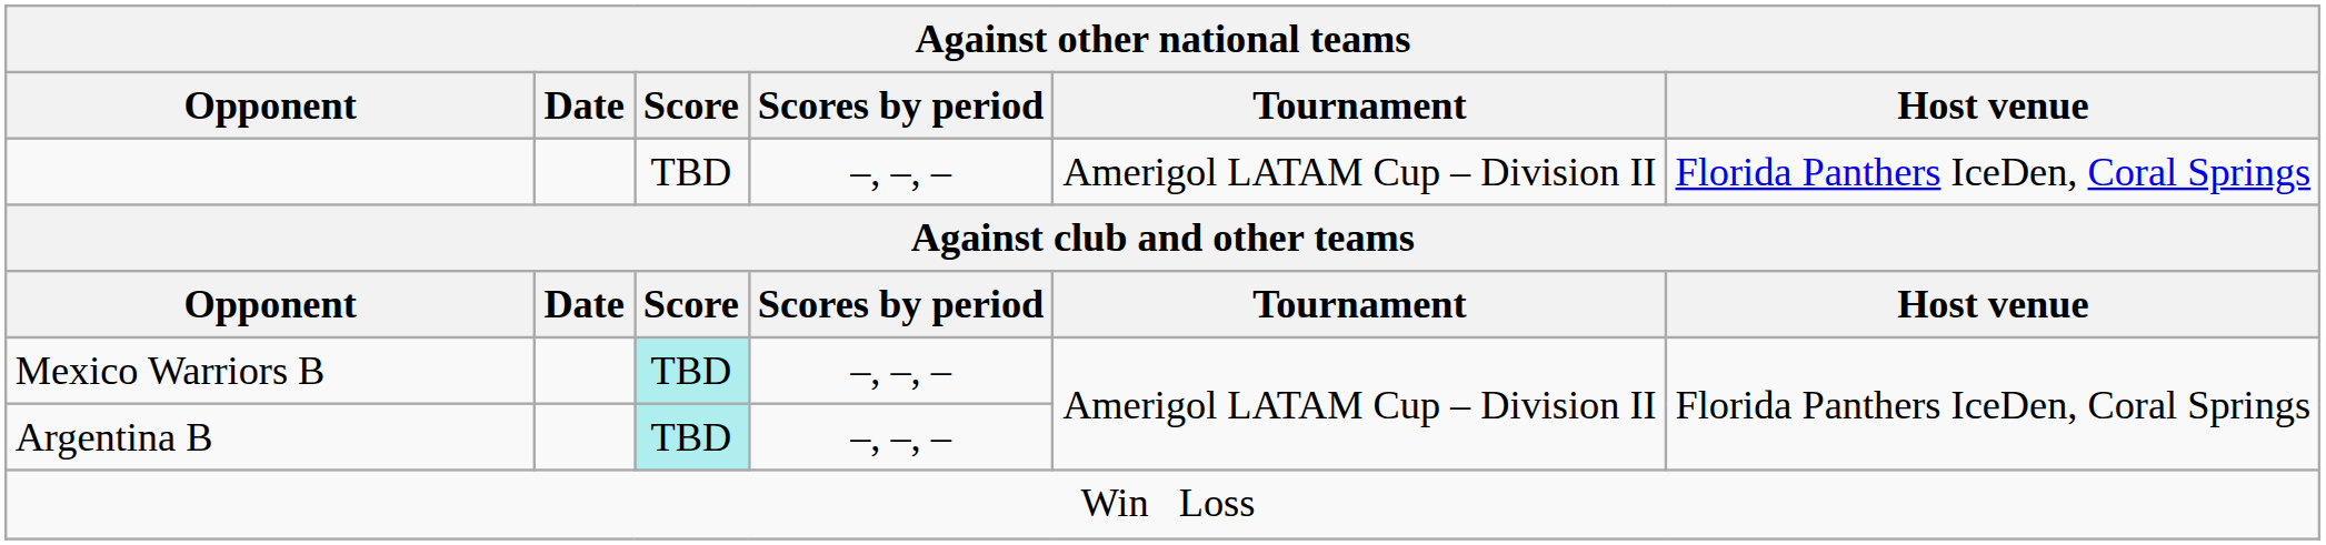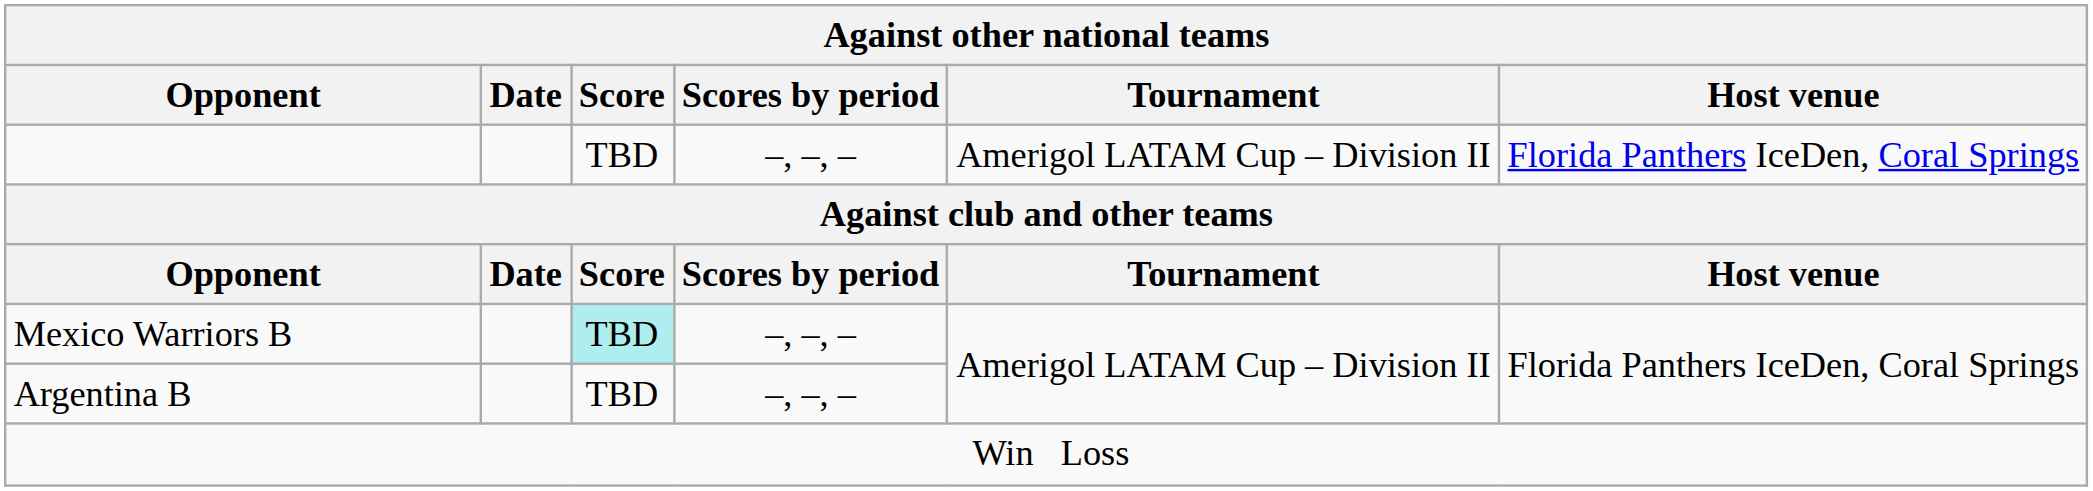 <table class="wikitable" style="font-size:95%; text-align:center">
 <tr>
 <th colspan="6">Against other national teams</th>
 </tr>
 <tr>
 <th width=192>Opponent</th>
 <th>Date</th>
 <th>Score</th>
 <th>Scores by period</th>
 <th>Tournament</th>
 <th>Host venue</th>
 </tr>
 <tr>
 <td align=left></td>
 <td class="nowrap"></td>
 <td>TBD</td>
 <td class="nowrap">–, –, –</td>
 <td>Amerigol LATAM Cup – Division II</td>
 <td><a href='#'>Florida Panthers</a> IceDen, <a href='#'>Coral Springs</a></td>
 </tr>
 <tr>
 <th colspan="6">Against club and other teams</th>
 </tr>
 <tr>
 <th width=192>Opponent</th>
 <th>Date</th>
 <th>Score</th>
 <th>Scores by period</th>
 <th>Tournament</th>
 <th>Host venue</th>
 </tr>
 <tr>
 <td align=left> Mexico Warriors B</td>
 <td class="nowrap"></td>
 <td style="background: paleturquoise;">TBD</td>
 <td class="nowrap">–, –, –</td>
 <td rowspan="2">Amerigol LATAM Cup – Division II</td>
 <td rowspan="2">Florida Panthers IceDen, Coral Springs</td>
 </tr>
 <tr>
 <td align=left> Argentina B</td>
 <td class="nowrap"></td>
-<td style="background: paleturquoise;">TBD</td>
+<td>TBD</td>
 <td class="nowrap">–, –, –</td>
 </tr>
 <tr>
 <td colspan="6"> Win   Loss</td>
 </tr>
 </table>
